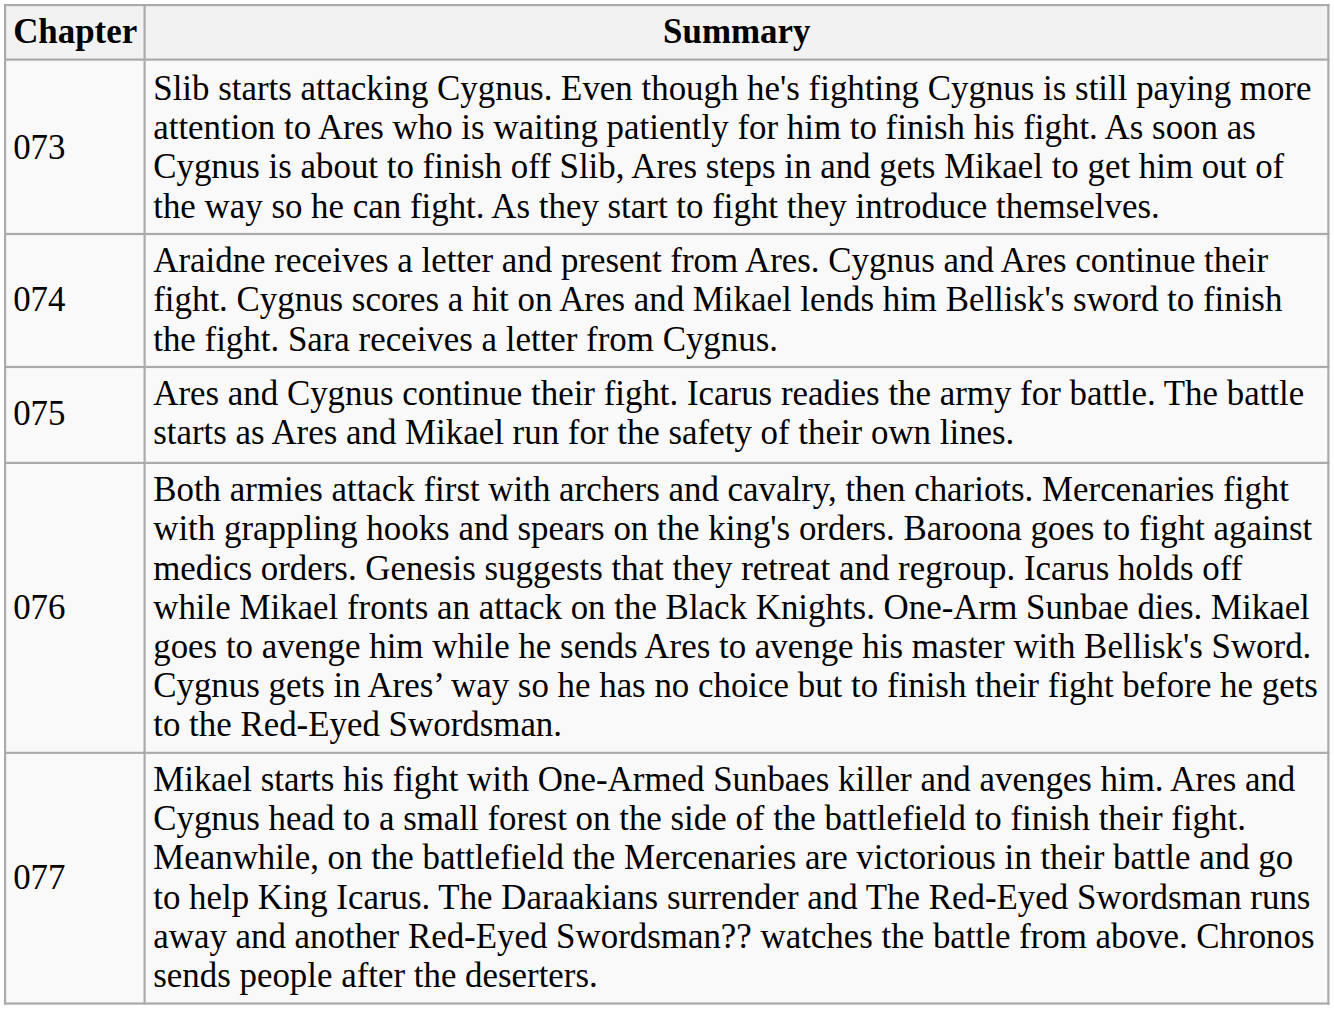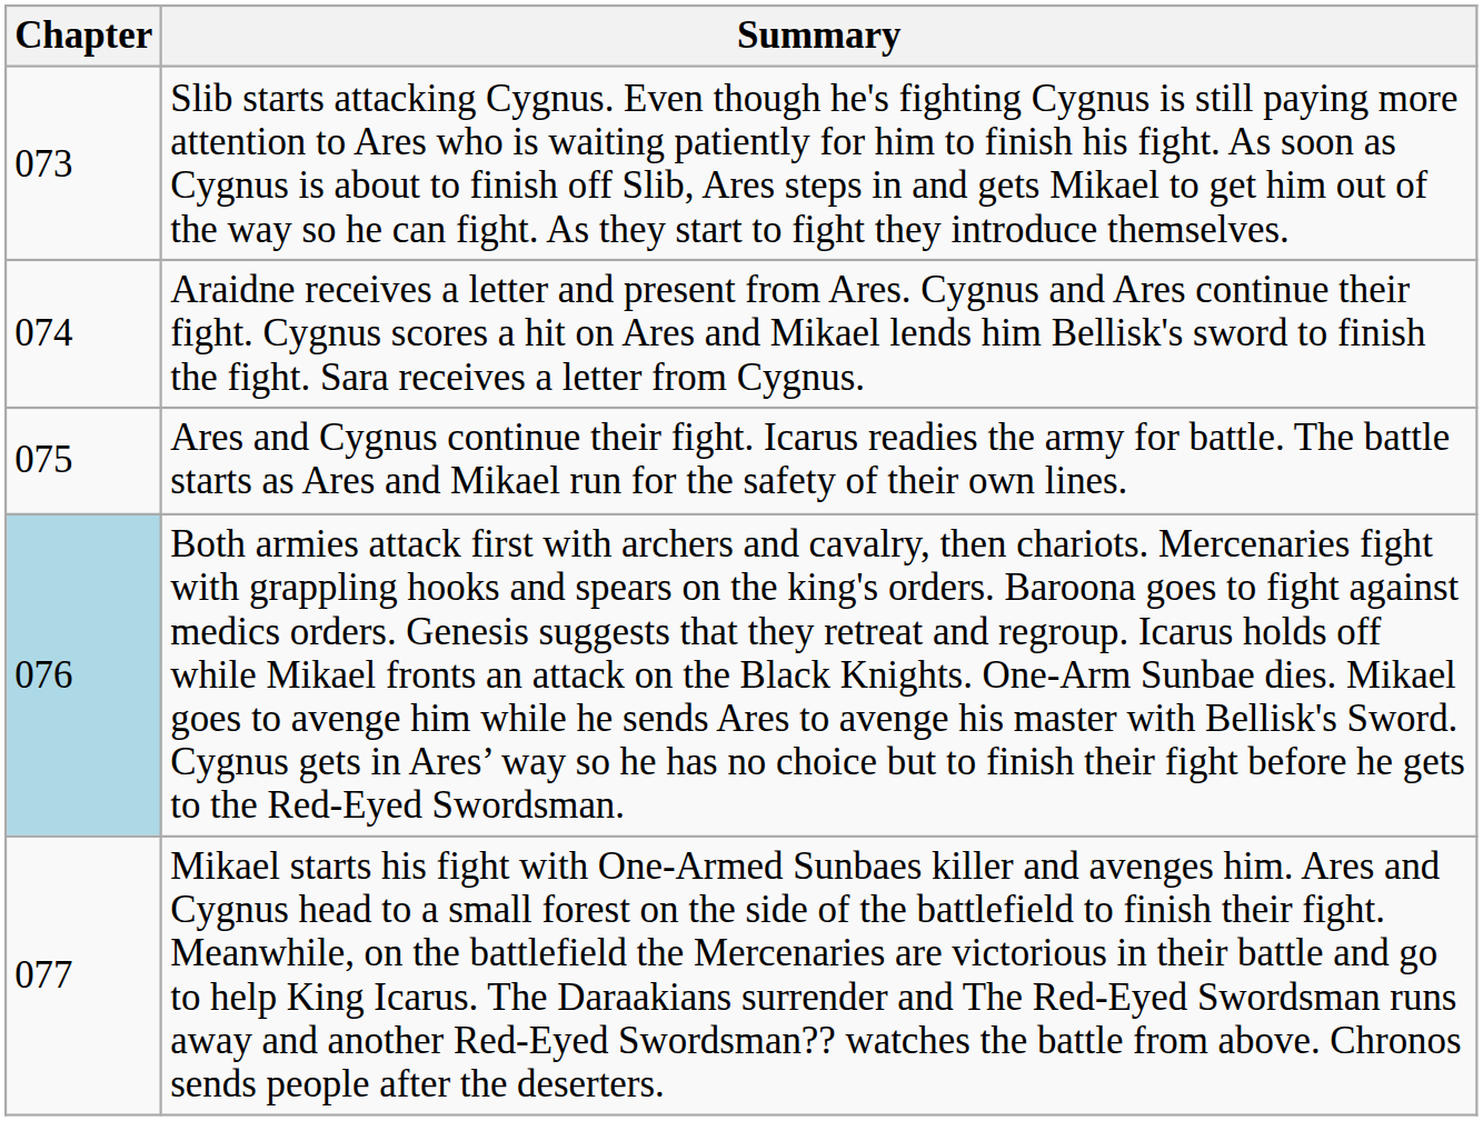 <table class="wikitable">
 <tr>
 <th>Chapter</th>
 <th>Summary</th>
 </tr>
 <tr>
 <td>073</td>
 <td>Slib starts attacking Cygnus. Even though he's fighting Cygnus is still paying more attention to Ares who is waiting patiently for him to finish his fight. As soon as Cygnus is about to finish off Slib, Ares steps in and gets Mikael to get him out of the way so he can fight. As they start to fight they introduce themselves.</td>
 </tr>
 <tr>
 <td>074</td>
 <td>Araidne receives a letter and present from Ares. Cygnus and Ares continue their fight. Cygnus scores a hit on Ares and Mikael lends him Bellisk's sword to finish the fight. Sara receives a letter from Cygnus.</td>
 </tr>
 <tr>
 <td>075</td>
 <td>Ares and Cygnus continue their fight. Icarus readies the army for battle. The battle starts as Ares and Mikael run for the safety of their own lines.</td>
 </tr>
 <tr>
-<td>076</td>
+<td style="background: lightblue;">076</td>
 <td>Both armies attack first with archers and cavalry, then chariots. Mercenaries fight with grappling hooks and spears on the king's orders. Baroona goes to fight against medics orders. Genesis suggests that they retreat and regroup. Icarus holds off while Mikael fronts an attack on the Black Knights. One-Arm Sunbae dies. Mikael goes to avenge him while he sends Ares to avenge his master with Bellisk's Sword. Cygnus gets in Ares’ way so he has no choice but to finish their fight before he gets to the Red-Eyed Swordsman.</td>
 </tr>
 <tr>
 <td>077</td>
 <td>Mikael starts his fight with One-Armed Sunbaes killer and avenges him. Ares and Cygnus head to a small forest on the side of the battlefield to finish their fight. Meanwhile, on the battlefield the Mercenaries are victorious in their battle and go to help King Icarus. The Daraakians surrender and The Red-Eyed Swordsman runs away and another Red-Eyed Swordsman?? watches the battle from above. Chronos sends people after the deserters.</td>
 </tr>
 </table>
